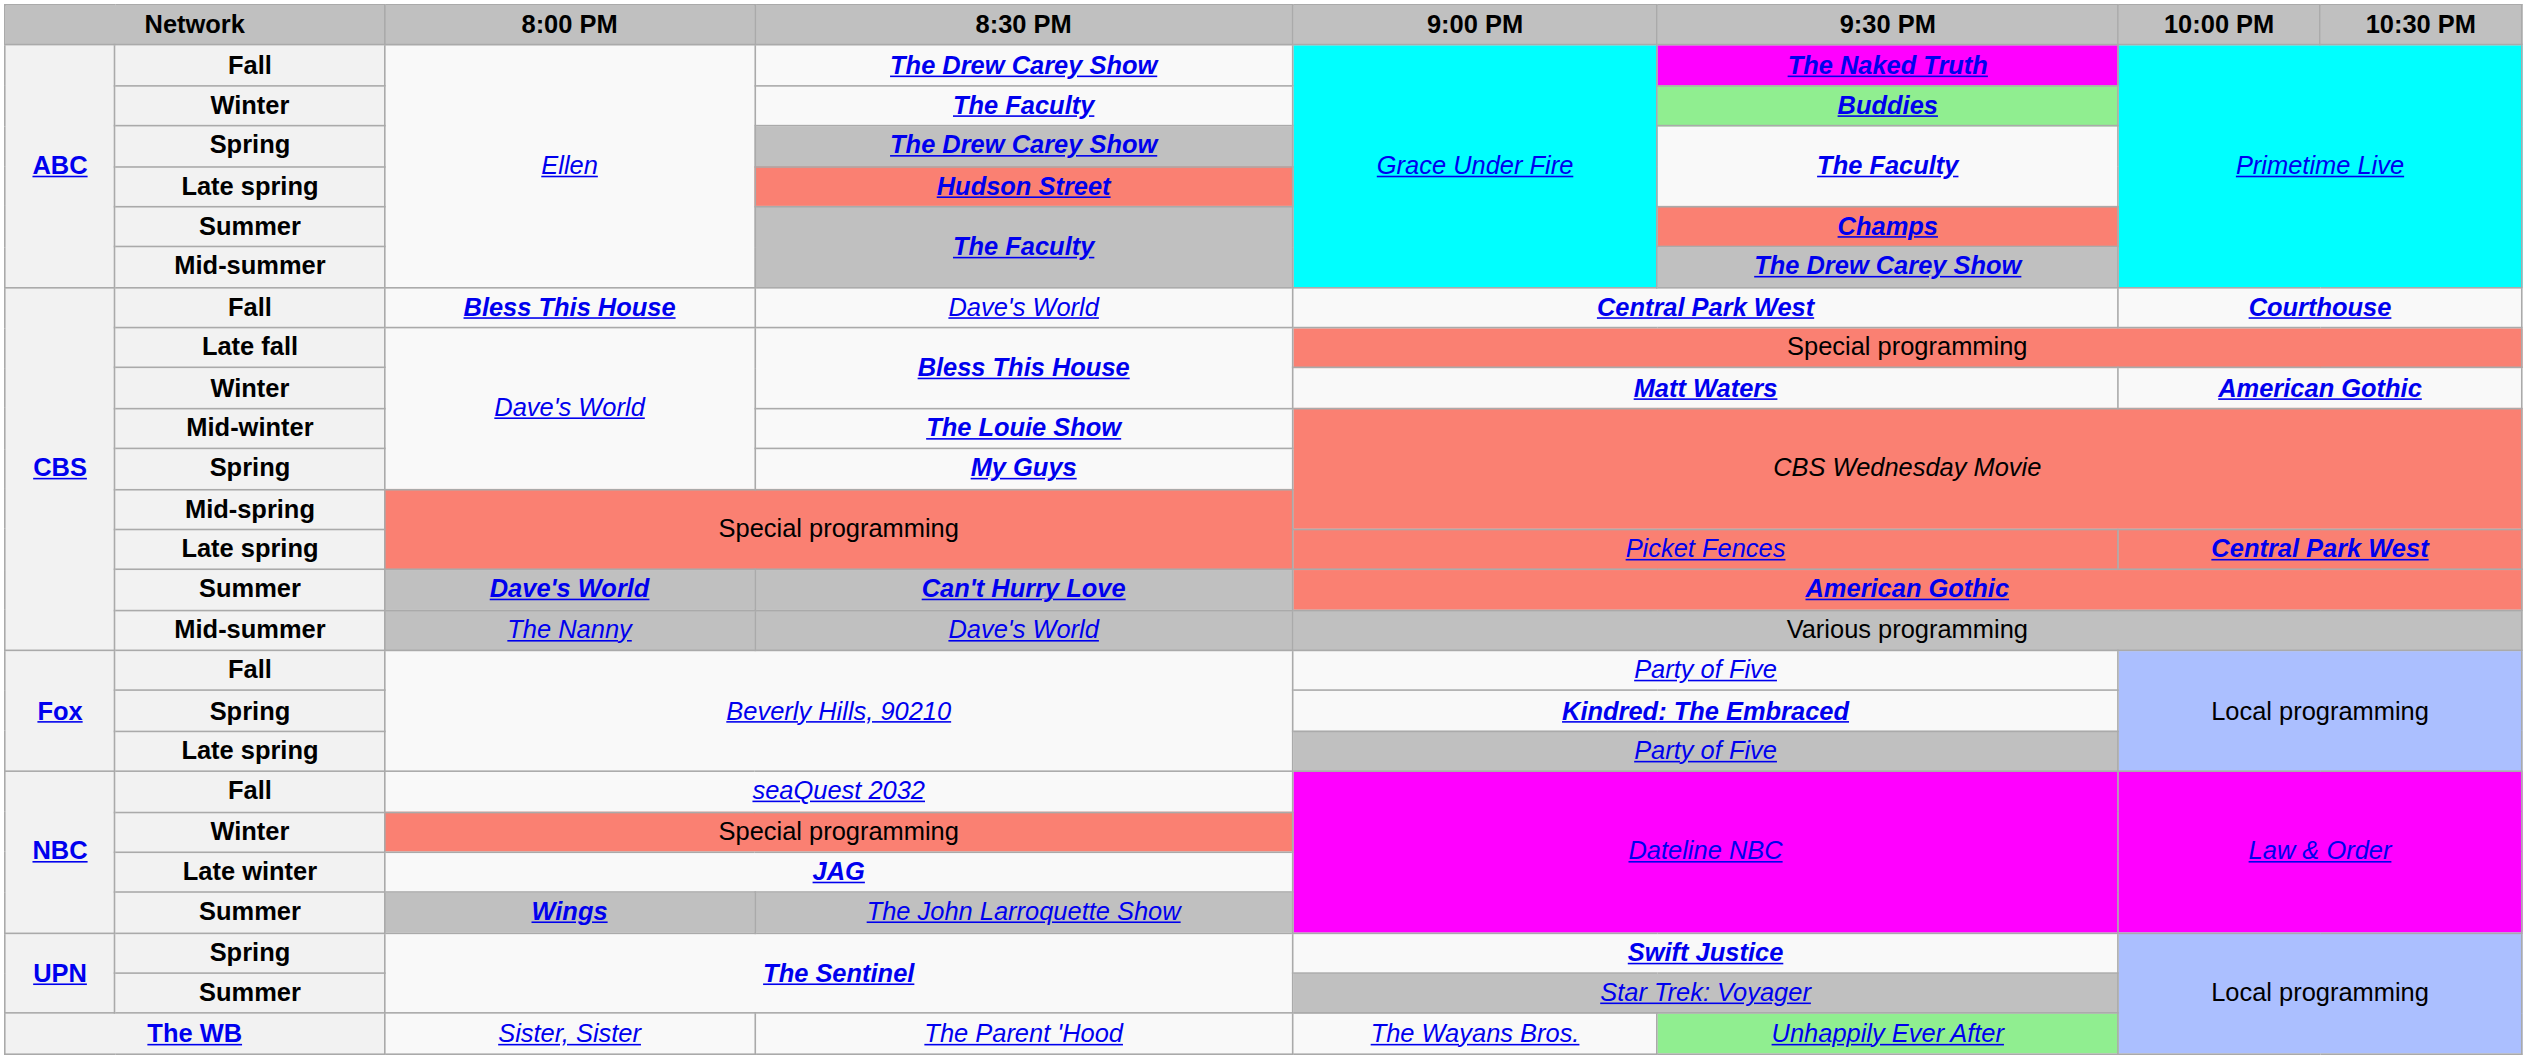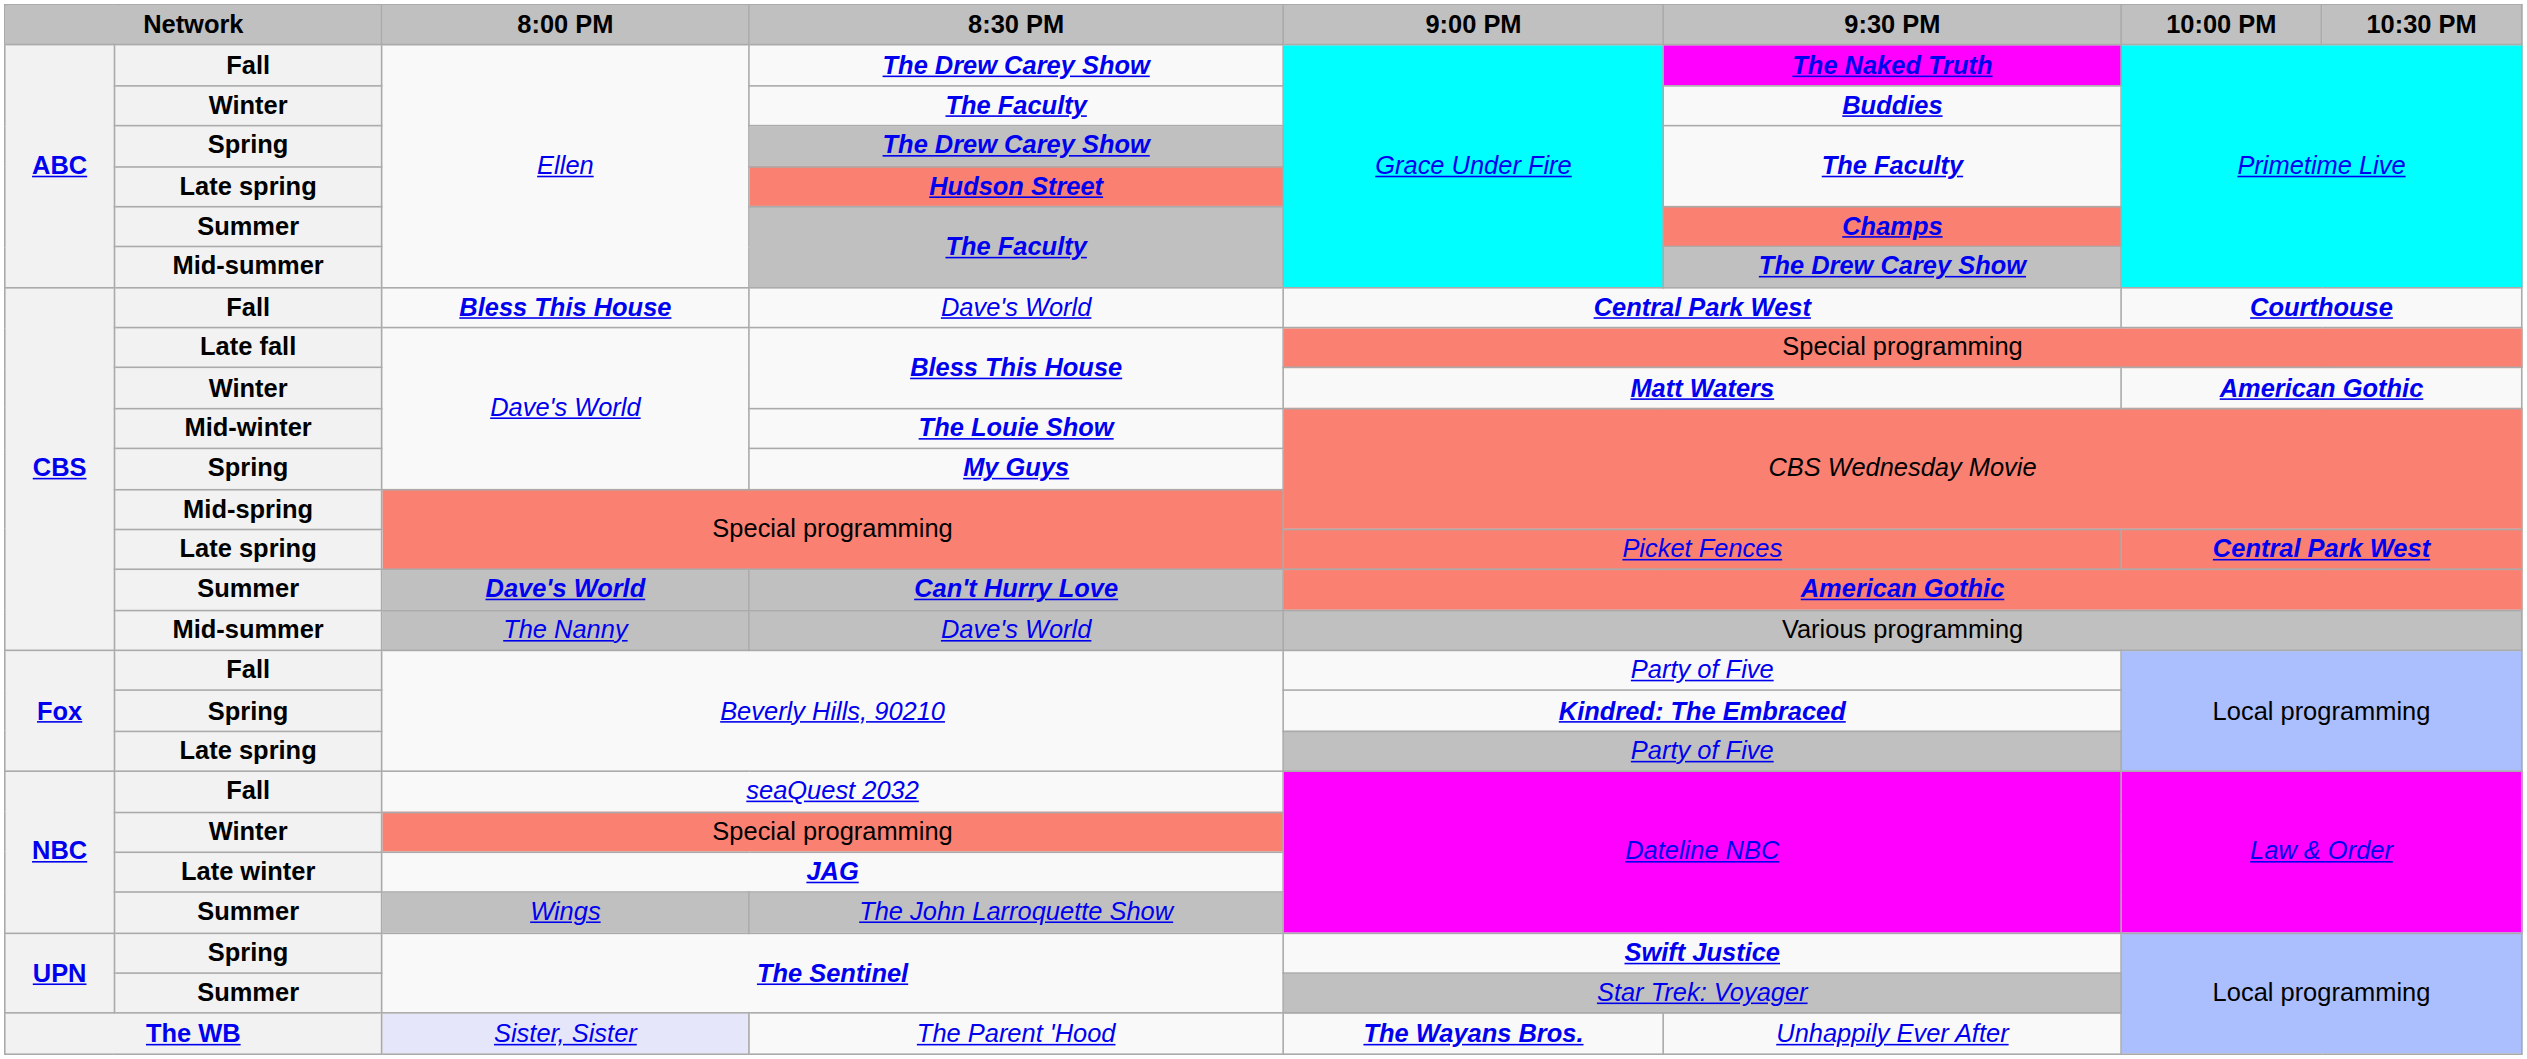 <table class="wikitable" style="width:100%;margin-right:0;text-align:center">
 <tr>
 <th colspan="2" style="background-color:#C0C0C0;text-align:center">Network</th>
 <th style="background-color:#C0C0C0;text-align:center">8:00 PM</th>
 <th style="background-color:#C0C0C0;text-align:center">8:30 PM</th>
 <th style="background-color:#C0C0C0;text-align:center">9:00 PM</th>
 <th style="background-color:#C0C0C0;text-align:center">9:30 PM</th>
 <th style="background-color:#C0C0C0;text-align:center">10:00 PM</th>
 <th style="background-color:#C0C0C0;text-align:center">10:30 PM</th>
 </tr>
 <tr>
 <th rowspan="6"><a href='#'>ABC</a></th>
 <th>Fall</th>
 <td rowspan="6"><em><a href='#'>Ellen</a></em></td>
 <td><strong><em><a href='#'>The Drew Carey Show</a></em></strong></td>
 <td rowspan="6" style="background:cyan;"><em><a href='#'>Grace Under Fire</a></em> </td>
 <td style="background:magenta;"><strong><em><a href='#'>The Naked Truth</a></em></strong> </td>
 <td rowspan="6" colspan="2" style="background:cyan;"><em><a href='#'>Primetime Live</a></em> </td>
 </tr>
 <tr>
 <th>Winter</th>
 <td><strong><em><a href='#'>The Faculty</a></em></strong></td>
-<td style="background: lightgreen;"><strong><em><a href='#'>Buddies</a></em></strong></td>
+<td><strong><em><a href='#'>Buddies</a></em></strong></td>
 </tr>
 <tr>
 <th>Spring</th>
 <td style="background:#C0C0C0;"><strong><em><a href='#'>The Drew Carey Show</a></em></strong> </td>
 <td rowspan="2"><strong><em><a href='#'>The Faculty</a></em></strong></td>
 </tr>
 <tr>
 <th>Late spring</th>
 <td style="background:#FA8072;"><strong><em><a href='#'>Hudson Street</a></em></strong></td>
 </tr>
 <tr>
 <th>Summer</th>
 <td rowspan="2" style="background:#C0C0C0;"><strong><em><a href='#'>The Faculty</a></em></strong> </td>
 <td style="background:#FA8072;"><strong><em><a href='#'>Champs</a></em></strong></td>
 </tr>
 <tr>
 <th>Mid-summer</th>
 <td style="background:#C0C0C0;"><strong><em><a href='#'>The Drew Carey Show</a></em></strong> </td>
 </tr>
 <tr>
 <th rowspan="9"><a href='#'>CBS</a></th>
 <th>Fall</th>
 <td><strong><em><a href='#'>Bless This House</a></em></strong></td>
 <td><em><a href='#'>Dave's World</a></em></td>
 <td colspan="2"><strong><em><a href='#'>Central Park West</a></em></strong></td>
 <td colspan="2"><strong><em><a href='#'>Courthouse</a></em></strong></td>
 </tr>
 <tr>
 <th>Late fall</th>
 <td rowspan="4"><em><a href='#'>Dave's World</a></em></td>
 <td rowspan="2"><strong><em><a href='#'>Bless This House</a></em></strong></td>
 <td colspan="4" style="background:#FA8072;">Special programming</td>
 </tr>
 <tr>
 <th>Winter</th>
 <td colspan="2"><strong><em><a href='#'>Matt Waters</a></em></strong></td>
 <td colspan="2"><strong><em><a href='#'>American Gothic</a></em></strong></td>
 </tr>
 <tr>
 <th>Mid-winter</th>
 <td><strong><em><a href='#'>The Louie Show</a></em></strong></td>
 <td rowspan="3" colspan="4" style="background:#FA8072;"><em>CBS Wednesday Movie</em></td>
 </tr>
 <tr>
 <th>Spring</th>
 <td><strong><em><a href='#'>My Guys</a></em></strong></td>
 </tr>
 <tr>
 <th>Mid-spring</th>
 <td colspan="2" rowspan="2" style="background:#FA8072;">Special programming</td>
 </tr>
 <tr>
 <th>Late spring</th>
 <td colspan="2" style="background:#FA8072;"><em><a href='#'>Picket Fences</a></em></td>
 <td colspan="2" style="background:#FA8072;"><strong><em><a href='#'>Central Park West</a></em></strong></td>
 </tr>
 <tr>
 <th>Summer</th>
 <td style="background:#C0C0C0;"><strong><em><a href='#'>Dave's World</a></em> </strong></td>
 <td style="background:#C0C0C0;"><strong><em><a href='#'>Can't Hurry Love</a></em></strong> </td>
 <td colspan="4" style="background:#FA8072;"><strong><em><a href='#'>American Gothic</a></em></strong></td>
 </tr>
 <tr>
 <th>Mid-summer</th>
 <td style="background:#C0C0C0;"><em><a href='#'>The Nanny</a></em> </td>
 <td style="background:#C0C0C0;"><em><a href='#'>Dave's World</a></em> </td>
 <td colspan="4" style="background:#C0C0C0;">Various programming</td>
 </tr>
 <tr>
 <th rowspan="3"><a href='#'>Fox</a></th>
 <th>Fall</th>
 <td colspan="2" rowspan="3"><em><a href='#'>Beverly Hills, 90210</a></em></td>
 <td colspan="2"><em><a href='#'>Party of Five</a></em></td>
 <td style="background:#abbfff;" colspan="2" rowspan="3">Local programming</td>
 </tr>
 <tr>
 <th>Spring</th>
 <td colspan="2"><strong><em><a href='#'>Kindred: The Embraced</a></em></strong></td>
 </tr>
 <tr>
 <th>Late spring</th>
 <td colspan="2" style="background:#C0C0C0;"><em><a href='#'>Party of Five</a></em> </td>
 </tr>
 <tr>
 <th rowspan="4"><a href='#'>NBC</a></th>
 <th>Fall</th>
 <td colspan="2"><em><a href='#'>seaQuest 2032</a></em></td>
 <td colspan="2" rowspan="4" style="background:magenta;"><em><a href='#'>Dateline NBC</a></em> </td>
 <td colspan="2" rowspan="4" style="background:magenta;"><em><a href='#'>Law & Order</a></em> </td>
 </tr>
 <tr>
 <th>Winter</th>
 <td colspan="2" style="background:#FA8072;">Special programming</td>
 </tr>
 <tr>
 <th>Late winter</th>
 <td colspan="2"><strong><em><a href='#'>JAG</a></em></strong></td>
 </tr>
 <tr>
 <th>Summer</th>
-<td style="background:#C0C0C0;"><strong><em><a href='#'>Wings</a></em> </strong></td>
+<td style="background:#C0C0C0;"><em><a href='#'>Wings</a></em> </td>
 <td style="background:#C0C0C0;"><em><a href='#'>The John Larroquette Show</a></em> </td>
 </tr>
 <tr>
 <th rowspan="2"><a href='#'>UPN</a></th>
 <th>Spring <br></th>
 <td colspan="2" rowspan="2"><strong><em><a href='#'>The Sentinel</a></em></strong></td>
 <td colspan="2"><strong><em><a href='#'>Swift Justice</a></em></strong></td>
 <td style="background:#abbfff;" rowspan="3" colspan="2">Local programming</td>
 </tr>
 <tr>
 <th>Summer</th>
 <td colspan="2" style="background:#C0C0C0;"><em><a href='#'>Star Trek: Voyager</a></em> </td>
 </tr>
 <tr>
 <th colspan="2"><a href='#'>The WB</a></th>
-<td><em><a href='#'>Sister, Sister</a></em></td>
+<td style="background: lavender;"><em><a href='#'>Sister, Sister</a></em></td>
 <td><em><a href='#'>The Parent 'Hood</a></em></td>
-<td><em><a href='#'>The Wayans Bros.</a></em></td>
-<td style="background: lightgreen;"><em><a href='#'>Unhappily Ever After</a></em></td>
+<td><strong><em><a href='#'>The Wayans Bros.</a></em></strong></td>
+<td><em><a href='#'>Unhappily Ever After</a></em></td>
 </tr>
 </table>
